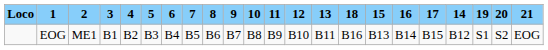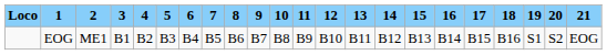 <table class="wikitable plainrowheaders unsortable" style="text-align:center">
 <tr>
 <th rowspan="1" scope="col" style="background:lightskyblue;">Loco</th>
 <th rowspan="1" scope="col" style="background:lightskyblue;">1</th>
 <th rowspan="1" scope="col" style="background:lightskyblue;">2</th>
 <th rowspan="1" scope="col" style="background:lightskyblue;">3</th>
 <th rowspan="1" scope="col" style="background:lightskyblue;">4</th>
 <th rowspan="1" scope="col" style="background:lightskyblue;">5</th>
 <th rowspan="1" scope="col" style="background:lightskyblue;">6</th>
 <th rowspan="1" scope="col" style="background:lightskyblue;">7</th>
 <th rowspan="1" scope="col" style="background:lightskyblue;">8</th>
 <th rowspan="1" scope="col" style="background:lightskyblue;">9</th>
 <th rowspan="1" scope="col" style="background:lightskyblue;">10</th>
 <th rowspan="1" scope="col" style="background:lightskyblue;">11</th>
 <th rowspan="1" scope="col" style="background:lightskyblue;">12</th>
 <th rowspan="1" scope="col" style="background:lightskyblue;">13</th>
-<th rowspan="1" scope="col" style="background:lightskyblue;">18</th>
+<th rowspan="1" scope="col" style="background:lightskyblue;">14</th>
 <th rowspan="1" scope="col" style="background:lightskyblue;">15</th>
 <th rowspan="1" scope="col" style="background:lightskyblue;">16</th>
 <th rowspan="1" scope="col" style="background:lightskyblue;">17</th>
-<th rowspan="1" scope="col" style="background:lightskyblue;">14</th>
+<th rowspan="1" scope="col" style="background:lightskyblue;">18</th>
 <th rowspan="1" scope="col" style="background:lightskyblue;">19</th>
 <th rowspan="1" scope="col" style="background:lightskyblue;">20</th>
 <th rowspan="1" scope="col" style="background:lightskyblue;">21</th>
 </tr>
 <tr>
 <td></td>
 <td>EOG</td>
 <td>ME1</td>
 <td>B1</td>
 <td>B2</td>
 <td>B3</td>
 <td>B4</td>
 <td>B5</td>
 <td>B6</td>
 <td>B7</td>
 <td>B8</td>
 <td>B9</td>
 <td>B10</td>
 <td>B11</td>
-<td>B16</td>
+<td>B12</td>
 <td>B13</td>
 <td>B14</td>
 <td>B15</td>
-<td>B12</td>
+<td>B16</td>
 <td>S1</td>
 <td>S2</td>
 <td>EOG</td>
 </tr>
 </table>
